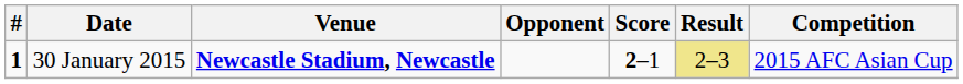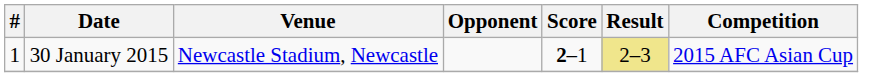 <table class=wikitable>
 <tr>
 <th>#</th>
 <th>Date</th>
 <th>Venue</th>
 <th>Opponent</th>
 <th>Score</th>
 <th>Result</th>
 <th>Competition</th>
 </tr>
 <tr>
-<td><strong>1</strong></td>
+<td>1</td>
 <td>30 January 2015</td>
-<td><strong><a href='#'>Newcastle Stadium</a>, <a href='#'>Newcastle</a></strong></td>
+<td><a href='#'>Newcastle Stadium</a>, <a href='#'>Newcastle</a></td>
 <td></td>
 <td align=center><strong>2</strong>–1</td>
 <td align=center style="background: khaki;">2–3</td>
 <td><a href='#'>2015 AFC Asian Cup</a></td>
 </tr>
 <tr>
 </tr>
 </table>
